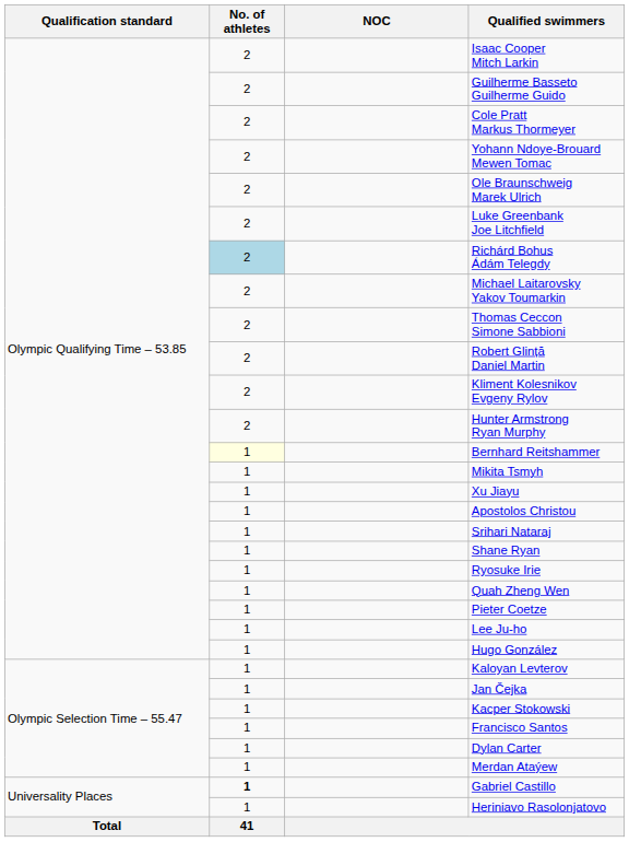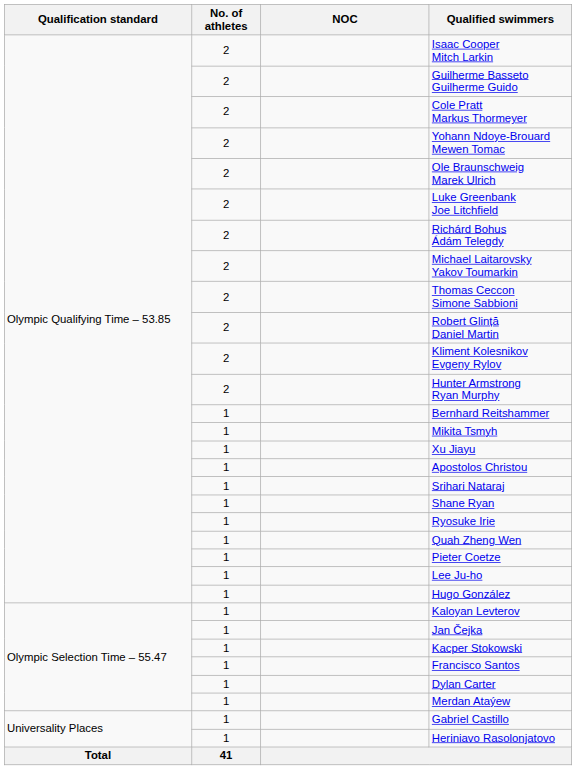 <table class=wikitable style="text-align:left" width=800>
 <tr>
 <th>Qualification standard</th>
 <th width=90>No. of athletes</th>
 <th width=230>NOC</th>
 <th>Qualified swimmers</th>
 </tr>
 <tr>
 <td rowspan=23>Olympic Qualifying Time – 53.85</td>
 <td align=center>2</td>
 <td></td>
 <td><a href='#'>Isaac Cooper</a><br><a href='#'>Mitch Larkin</a></td>
 </tr>
 <tr>
 <td align=center>2</td>
 <td></td>
 <td><a href='#'>Guilherme Basseto</a><br><a href='#'>Guilherme Guido</a></td>
 </tr>
 <tr>
 <td align=center>2</td>
 <td></td>
 <td><a href='#'>Cole Pratt</a><br><a href='#'>Markus Thormeyer</a></td>
 </tr>
 <tr>
 <td align=center>2</td>
 <td></td>
 <td><a href='#'>Yohann Ndoye-Brouard</a><br><a href='#'>Mewen Tomac</a></td>
 </tr>
 <tr>
 <td align=center>2</td>
 <td></td>
 <td><a href='#'>Ole Braunschweig</a><br><a href='#'>Marek Ulrich</a></td>
 </tr>
 <tr>
 <td align=center>2</td>
 <td></td>
 <td><a href='#'>Luke Greenbank</a><br><a href='#'>Joe Litchfield</a></td>
 </tr>
 <tr>
-<td align=center style="background: lightblue;">2</td>
+<td align=center>2</td>
 <td></td>
 <td><a href='#'>Richárd Bohus</a><br><a href='#'>Ádám Telegdy</a></td>
 </tr>
 <tr>
 <td align=center>2</td>
 <td></td>
 <td><a href='#'>Michael Laitarovsky</a><br><a href='#'>Yakov Toumarkin</a></td>
 </tr>
 <tr>
 <td align=center>2</td>
 <td></td>
 <td><a href='#'>Thomas Ceccon</a><br><a href='#'>Simone Sabbioni</a></td>
 </tr>
 <tr>
 <td align=center>2</td>
 <td></td>
 <td><a href='#'>Robert Glință</a><br><a href='#'>Daniel Martin</a></td>
 </tr>
 <tr>
 <td align=center>2</td>
 <td></td>
 <td><a href='#'>Kliment Kolesnikov</a><br><a href='#'>Evgeny Rylov</a></td>
 </tr>
 <tr>
 <td align=center>2</td>
 <td></td>
 <td><a href='#'>Hunter Armstrong</a><br><a href='#'>Ryan Murphy</a></td>
 </tr>
 <tr>
-<td align=center style="background: lightyellow;">1</td>
+<td align=center>1</td>
 <td></td>
 <td><a href='#'>Bernhard Reitshammer</a></td>
 </tr>
 <tr>
 <td align=center>1</td>
 <td></td>
 <td><a href='#'>Mikita Tsmyh</a></td>
 </tr>
 <tr>
 <td align=center>1</td>
 <td></td>
 <td><a href='#'>Xu Jiayu</a></td>
 </tr>
 <tr>
 <td align=center>1</td>
 <td></td>
 <td><a href='#'>Apostolos Christou</a></td>
 </tr>
 <tr>
 <td align=center>1</td>
 <td></td>
 <td><a href='#'>Srihari Nataraj</a></td>
 </tr>
 <tr>
 <td align=center>1</td>
 <td></td>
 <td><a href='#'>Shane Ryan</a></td>
 </tr>
 <tr>
 <td align=center>1</td>
 <td></td>
 <td><a href='#'>Ryosuke Irie</a></td>
 </tr>
 <tr>
 <td align=center>1</td>
 <td></td>
 <td><a href='#'>Quah Zheng Wen</a></td>
 </tr>
 <tr>
 <td align=center>1</td>
 <td></td>
 <td><a href='#'>Pieter Coetze</a></td>
 </tr>
 <tr>
 <td align=center>1</td>
 <td></td>
 <td><a href='#'>Lee Ju-ho</a></td>
 </tr>
 <tr>
 <td align=center>1</td>
 <td></td>
 <td><a href='#'>Hugo González</a></td>
 </tr>
 <tr>
 <td rowspan=6>Olympic Selection Time – 55.47</td>
 <td align=center>1</td>
 <td></td>
 <td><a href='#'>Kaloyan Levterov</a></td>
 </tr>
 <tr>
 <td align=center>1</td>
 <td></td>
 <td><a href='#'>Jan Čejka</a></td>
 </tr>
 <tr>
 <td align=center>1</td>
 <td></td>
 <td><a href='#'>Kacper Stokowski</a></td>
 </tr>
 <tr>
 <td align=center>1</td>
 <td></td>
 <td><a href='#'>Francisco Santos</a></td>
 </tr>
 <tr>
 <td align=center>1</td>
 <td></td>
 <td><a href='#'>Dylan Carter</a></td>
 </tr>
 <tr>
 <td align=center>1</td>
 <td></td>
 <td><a href='#'>Merdan Ataýew</a></td>
 </tr>
 <tr>
 <td rowspan=2>Universality Places</td>
-<td align=center><strong>1</strong></td>
+<td align=center>1</td>
 <td></td>
 <td><a href='#'>Gabriel Castillo</a></td>
 </tr>
 <tr>
 <td align=center>1</td>
 <td></td>
 <td><a href='#'>Heriniavo Rasolonjatovo</a></td>
 </tr>
 <tr>
 <th><strong>Total</strong></th>
 <th>41</th>
 <th colspan=2></th>
 </tr>
 </table>
